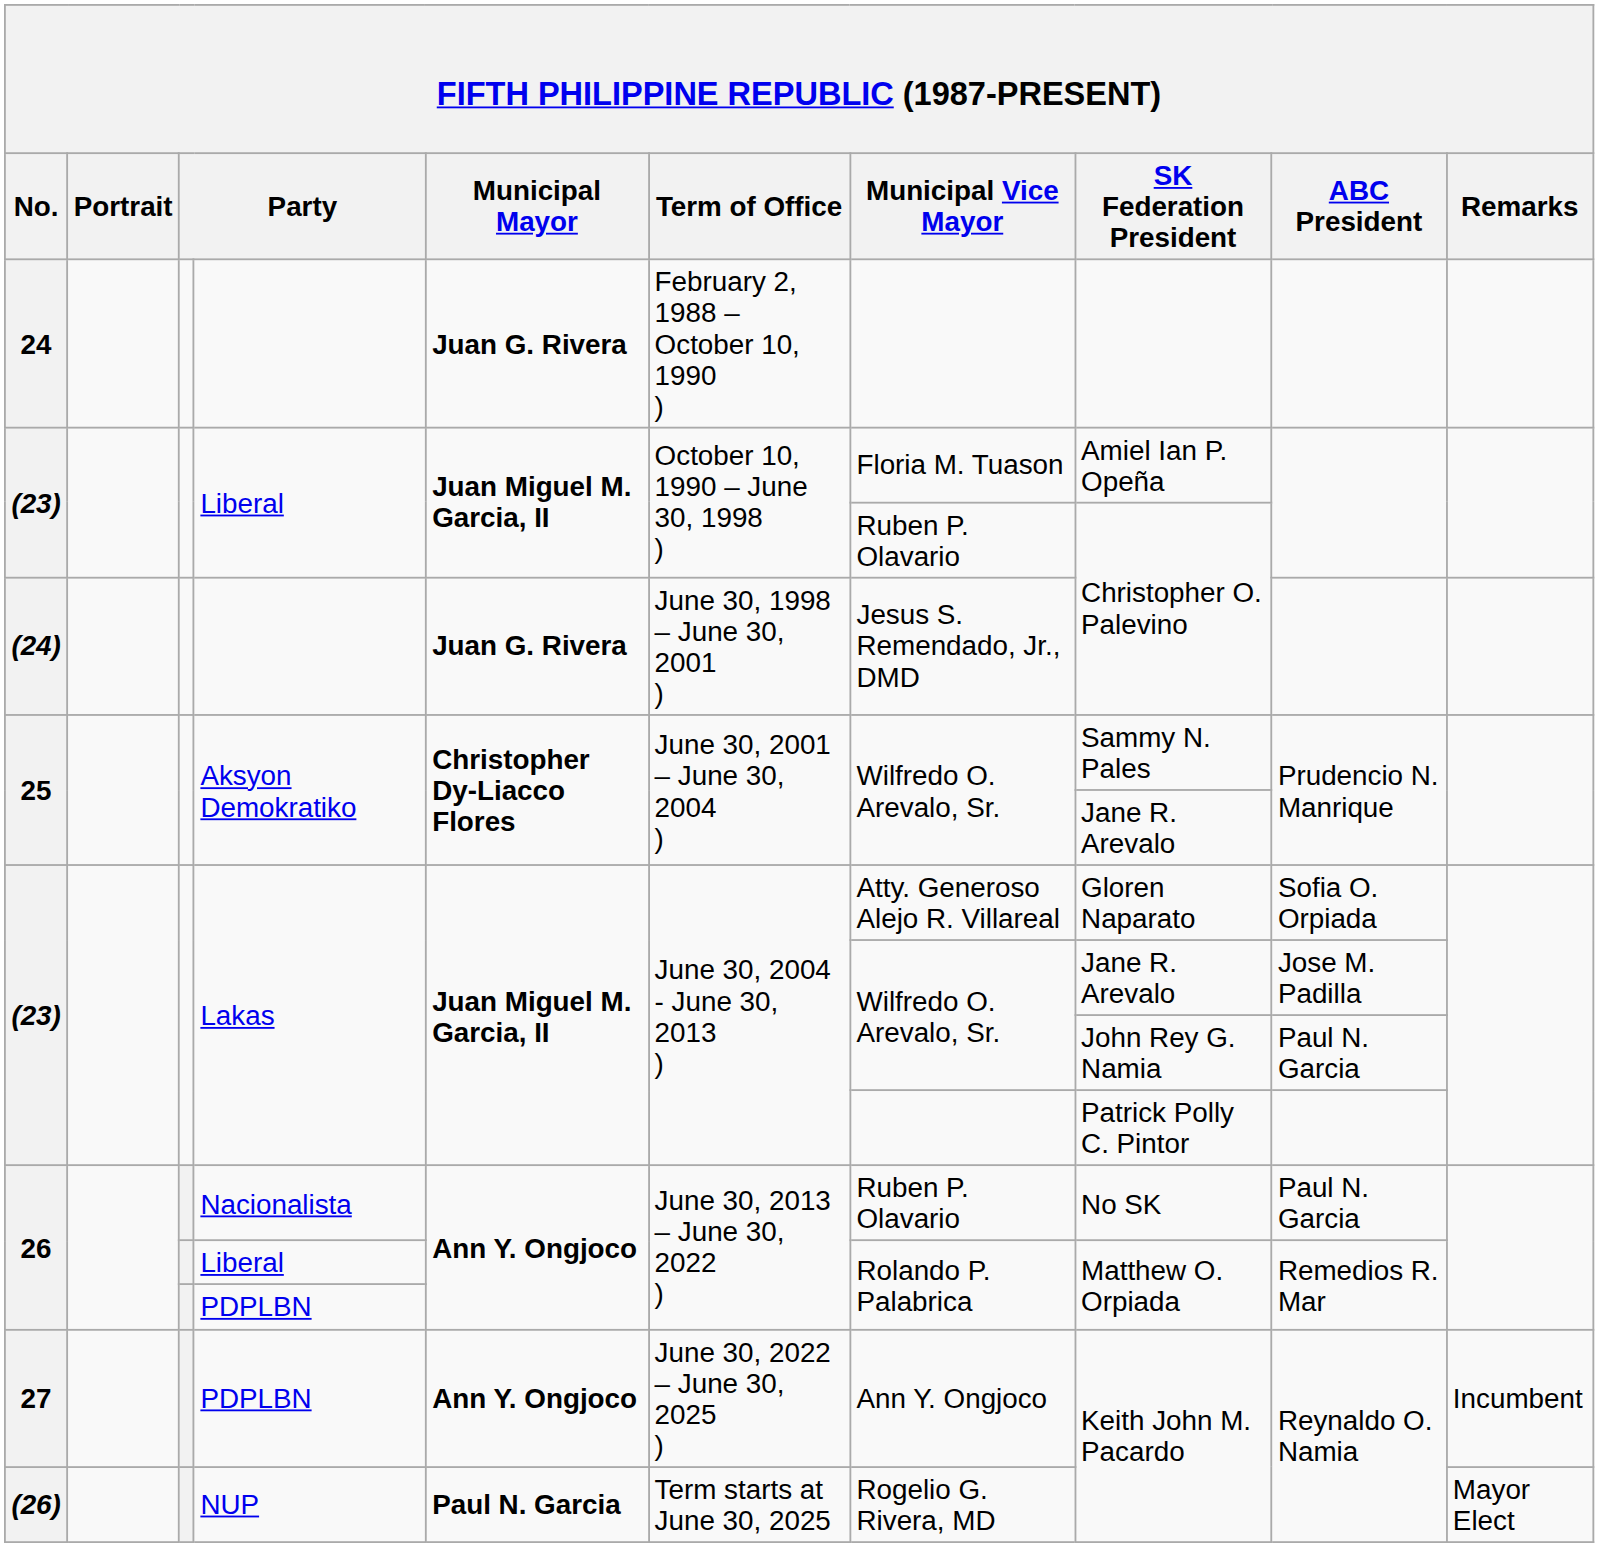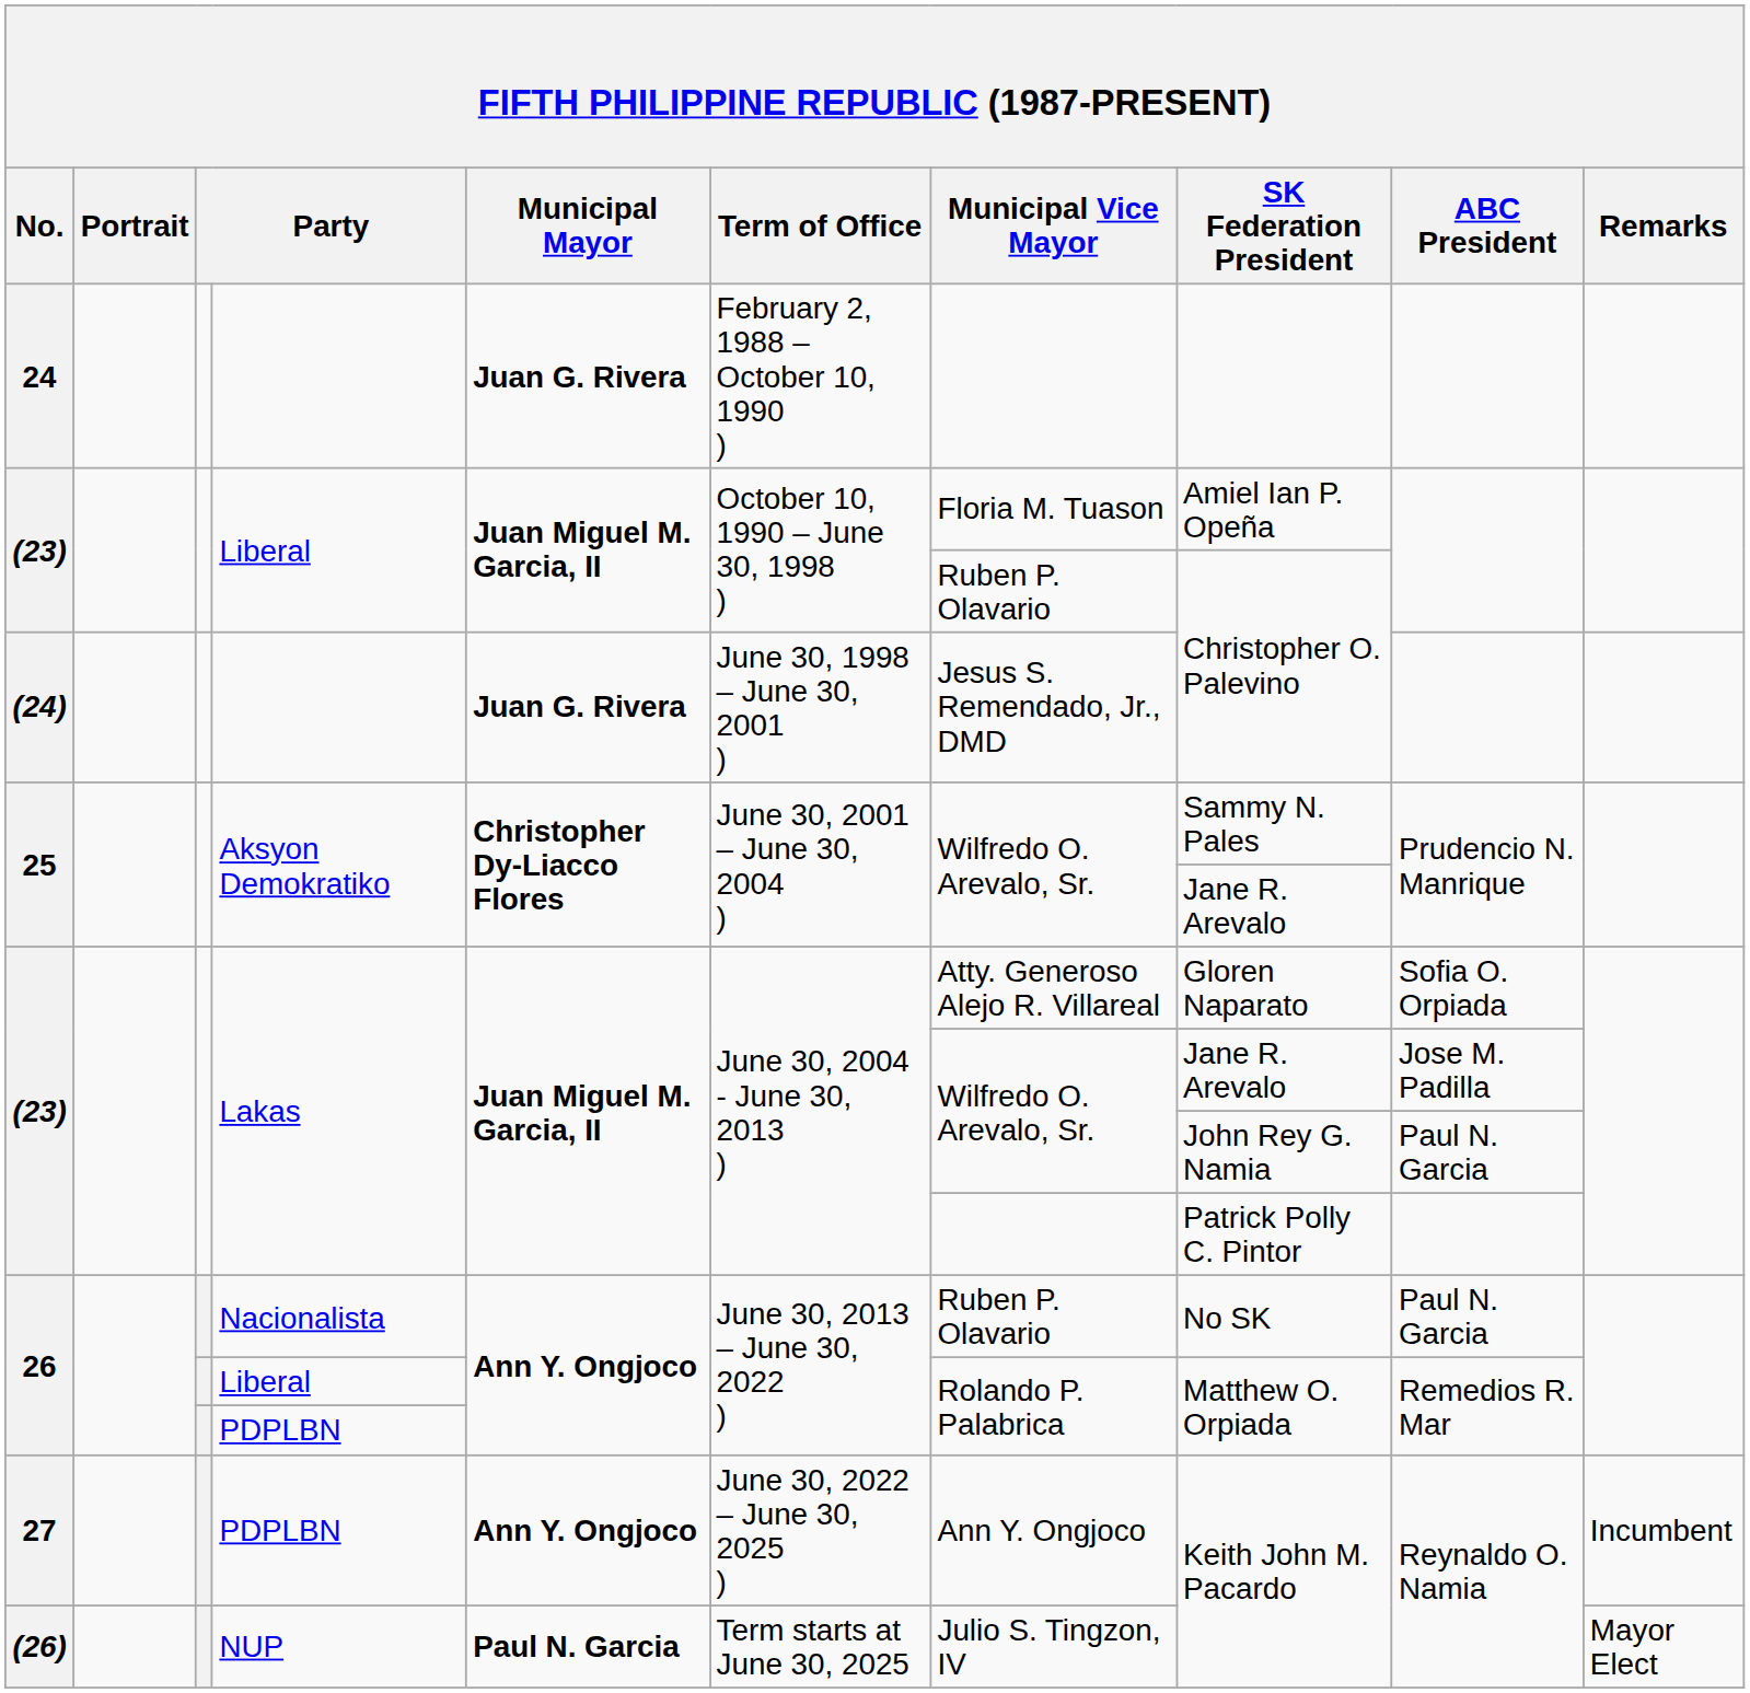 <table class="wikitable collapsible autocollapse" style="font-size:95%">
 <tr>
 <th colspan="10"><br><h3><a href='#'>FIFTH PHILIPPINE REPUBLIC</a> (1987-PRESENT)</h3></th>
 </tr>
 <tr>
 <th scope="col">No.</th>
 <th scope="col">Portrait</th>
 <th colspan="2" style="width:250px;">Party</th>
 <th scope="col">Municipal <a href='#'>Mayor</a></th>
 <th scope="col">Term of Office</th>
 <th scope="col">Municipal <a href='#'>Vice Mayor</a></th>
 <th scope="col"><a href='#'>SK</a> Federation President</th>
 <th scope="col"><a href='#'>ABC</a> President</th>
 <th scope="col">Remarks</th>
 </tr>
 <tr>
 <th scope="row">24</th>
 <td></td>
 <td></td>
 <td></td>
 <td><strong>Juan G. Rivera</strong></td>
 <td>February 2, 1988 – October 10, 1990 <br>)</td>
 <td></td>
 <td></td>
 <td></td>
 <td></td>
 </tr>
 <tr>
 <th scope="row" rowspan="2"><em>(23)</em></th>
 <td rowspan="2"></td>
 <td rowspan="2" style="color:inherit;background:"></td>
 <td rowspan="2"><a href='#'>Liberal</a></td>
 <td rowspan="2"><strong>Juan Miguel M. Garcia, II</strong></td>
 <td rowspan="2">October 10, 1990 – June 30, 1998 <br>)</td>
 <td>Floria M. Tuason </td>
 <td>Amiel Ian P. Opeña </td>
 <td rowspan="2"></td>
 <td rowspan="2"></td>
 </tr>
 <tr>
 <td>Ruben P. Olavario </td>
 <td rowspan="2">Christopher O. Palevino </td>
 </tr>
 <tr>
 <th scope="row"><em>(24)</em></th>
 <td></td>
 <td></td>
 <td></td>
 <td><strong>Juan G. Rivera</strong></td>
 <td>June 30, 1998 – June 30, 2001 <br>)</td>
 <td>Jesus S. Remendado, Jr., DMD</td>
 <td></td>
 <td></td>
 </tr>
 <tr>
 <th scope="row" rowspan="2">25</th>
 <td rowspan="2"></td>
 <td rowspan="2" style="color:inherit;background:"></td>
 <td rowspan="2"><a href='#'>Aksyon Demokratiko</a></td>
 <td rowspan="2"><strong>Christopher Dy-Liacco Flores</strong></td>
 <td rowspan="2">June 30, 2001 – June 30, 2004 <br>)</td>
 <td rowspan="2">Wilfredo O. Arevalo, Sr.</td>
 <td>Sammy N. Pales </td>
 <td rowspan="2">Prudencio N. Manrique <em></em></td>
 <td rowspan="2"></td>
 </tr>
 <tr>
 <td>Jane R. Arevalo </td>
 </tr>
 <tr>
 <th scope="row" rowspan="4"><em>(23)</em></th>
 <td rowspan="4"></td>
 <td rowspan="4" style="color:inherit;background:"></td>
 <td rowspan="4"><a href='#'>Lakas</a></td>
 <td rowspan="4"><strong>Juan Miguel M. Garcia, II</strong></td>
 <td rowspan="4">June 30, 2004 - June 30, 2013 <br>)</td>
 <td>Atty. Generoso Alejo R. Villareal </td>
 <td>Gloren Naparato </td>
 <td>Sofia O. Orpiada <em></em> </td>
 <td rowspan="4"></td>
 </tr>
 <tr>
 <td rowspan="2">Wilfredo O. Arevalo, Sr. </td>
 <td>Jane R. Arevalo </td>
 <td>Jose M. Padilla <em></em> </td>
 </tr>
 <tr>
 <td>John Rey G. Namia </td>
 <td>Paul N. Garcia <em></em> </td>
 </tr>
 <tr>
 <td></td>
 <td>Patrick Polly C. Pintor </td>
 </tr>
 <tr>
 <th scope="row" rowspan="3">26</th>
 <td rowspan="3"></td>
 <th style="background:"></th>
 <td><a href='#'>Nacionalista</a></td>
 <td rowspan="3"><strong>Ann Y. Ongjoco</strong></td>
 <td rowspan="3">June 30, 2013 – June 30, 2022 <br>)</td>
 <td>Ruben P. Olavario </td>
 <td>No SK </td>
 <td>Paul N. Garcia <em></em> </td>
 <td rowspan="3"> </td>
 </tr>
 <tr>
 <th style="background:"></th>
 <td><a href='#'>Liberal</a></td>
 <td rowspan="2">Rolando P. Palabrica </td>
 <td rowspan="2">Matthew O. Orpiada </td>
 <td rowspan="2">Remedios R. Mar <em></em> </td>
 </tr>
 <tr>
 <th style="background:"></th>
 <td><a href='#'>PDPLBN</a></td>
 </tr>
 <tr>
 <th scope="row">27</th>
 <td></td>
 <th style="background:"></th>
 <td><a href='#'>PDPLBN</a></td>
 <td><strong>Ann Y. Ongjoco</strong></td>
 <td>June 30, 2022 – June 30, 2025 <br>)</td>
 <td>Ann Y. Ongjoco</td>
 <td rowspan="2">Keith John M. Pacardo </td>
 <td rowspan="2">Reynaldo O. Namia <em></em> </td>
 <td>Incumbent <br> </td>
 </tr>
 <tr>
 <th scope="row"><em>(26)</em></th>
 <td></td>
 <th style="background:"></th>
 <td><a href='#'>NUP</a></td>
 <td><strong>Paul N. Garcia</strong></td>
 <td>Term starts at June 30, 2025 <br></td>
-<td>Rogelio G. Rivera, MD</td>
+<td>Julio S. Tingzon, IV </td>
 <td>Mayor Elect</td>
 </tr>
 </table>
